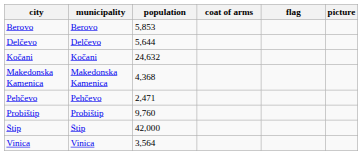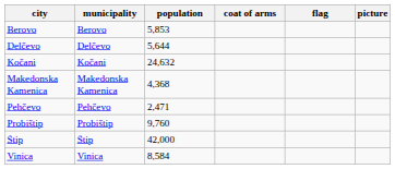 <table class="wikitable sortable" style="font-size:95%;">
 <tr>
 <th width="100px">city</th>
 <th width="100px">municipality</th>
 <th width="100px">population</th>
 <th width="100px">coat of arms</th>
 <th width="100px">flag</th>
 <th width="1o0px">picture</th>
 </tr>
 <tr>
 <td><a href='#'>Berovo</a></td>
 <td><a href='#'>Berovo</a></td>
 <td>5,853</td>
 <td></td>
 <td></td>
 <td></td>
 </tr>
 <tr>
 <td><a href='#'>Delčevo</a></td>
 <td><a href='#'>Delčevo</a></td>
 <td>5,644</td>
 <td></td>
 <td></td>
 <td></td>
 </tr>
 <tr>
 <td><a href='#'>Kočani</a></td>
 <td><a href='#'>Kočani</a></td>
 <td>24,632</td>
 <td></td>
 <td></td>
 <td></td>
 </tr>
 <tr>
 <td><a href='#'>Makedonska Kamenica</a></td>
 <td><a href='#'>Makedonska Kamenica</a></td>
 <td>4,368</td>
 <td></td>
 <td></td>
 <td></td>
 </tr>
 <tr>
 <td><a href='#'>Pehčevo</a></td>
 <td><a href='#'>Pehčevo</a></td>
 <td>2,471</td>
 <td></td>
 <td></td>
 <td></td>
 </tr>
 <tr>
 <td><a href='#'>Probištip</a></td>
 <td><a href='#'>Probištip</a></td>
 <td>9,760</td>
 <td></td>
 <td></td>
 <td></td>
 </tr>
 <tr>
 <td><a href='#'>Štip</a></td>
 <td><a href='#'>Štip</a></td>
 <td>42,000</td>
 <td></td>
 <td></td>
 <td></td>
 </tr>
 <tr>
 <td><a href='#'>Vinica</a></td>
 <td><a href='#'>Vinica</a></td>
-<td>3,564</td>
+<td>8,584</td>
 <td></td>
 <td></td>
 <td></td>
 </tr>
 </table>
